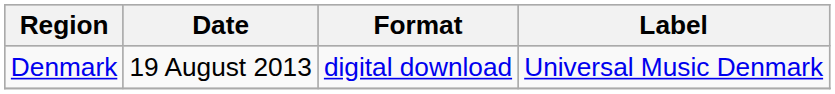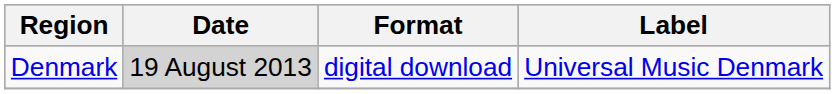 <table class=wikitable>
 <tr>
 <th>Region</th>
 <th>Date</th>
 <th>Format</th>
 <th>Label</th>
 </tr>
 <tr>
 <td><a href='#'>Denmark</a></td>
-<td>19 August 2013</td>
+<td style="background: lightgrey;">19 August 2013</td>
 <td><a href='#'>digital download</a></td>
 <td><a href='#'>Universal Music Denmark</a></td>
 </tr>
 <tr>
 </tr>
 </table>
